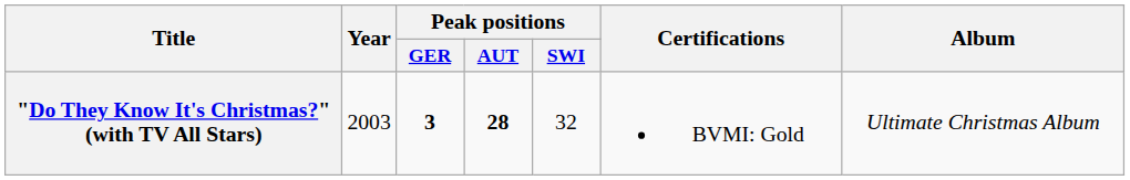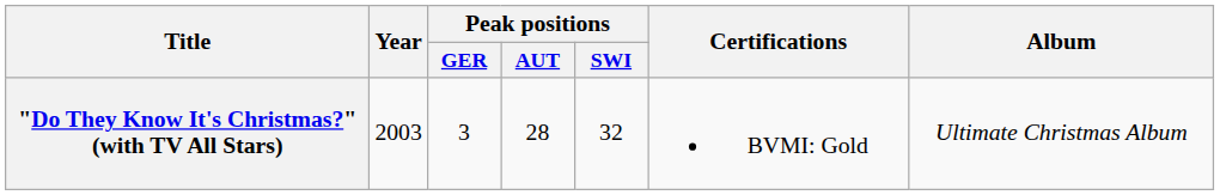 <table class="wikitable plainrowheaders" style="text-align:center;">
 <tr>
 <th align="center" rowspan="2" width="240">Title</th>
 <th align="center" rowspan="2" width="10">Year</th>
 <th align="center" colspan="3" width="20">Peak positions</th>
 <th align="center" rowspan="2" width="170">Certifications</th>
 <th align="center" rowspan="2" width="200">Album</th>
 </tr>
 <tr>
 <th scope="col" style="width:3em;font-size:90%;"><a href='#'>GER</a><br></th>
 <th scope="col" style="width:3em;font-size:90%;"><a href='#'>AUT</a><br></th>
 <th scope="col" style="width:3em;font-size:90%;"><a href='#'>SWI</a><br></th>
 </tr>
 <tr>
 <th scope="row">"<a href='#'>Do They Know It's Christmas?</a>" <br><span>(with TV All Stars)</span></th>
 <td>2003</td>
-<td><strong>3</strong></td>
-<td><strong>28</strong></td>
+<td>3</td>
+<td>28</td>
 <td>32</td>
 <td><br><ul><li>BVMI: Gold</li></ul></td>
 <td><em>Ultimate Christmas Album</em></td>
 </tr>
 </table>
